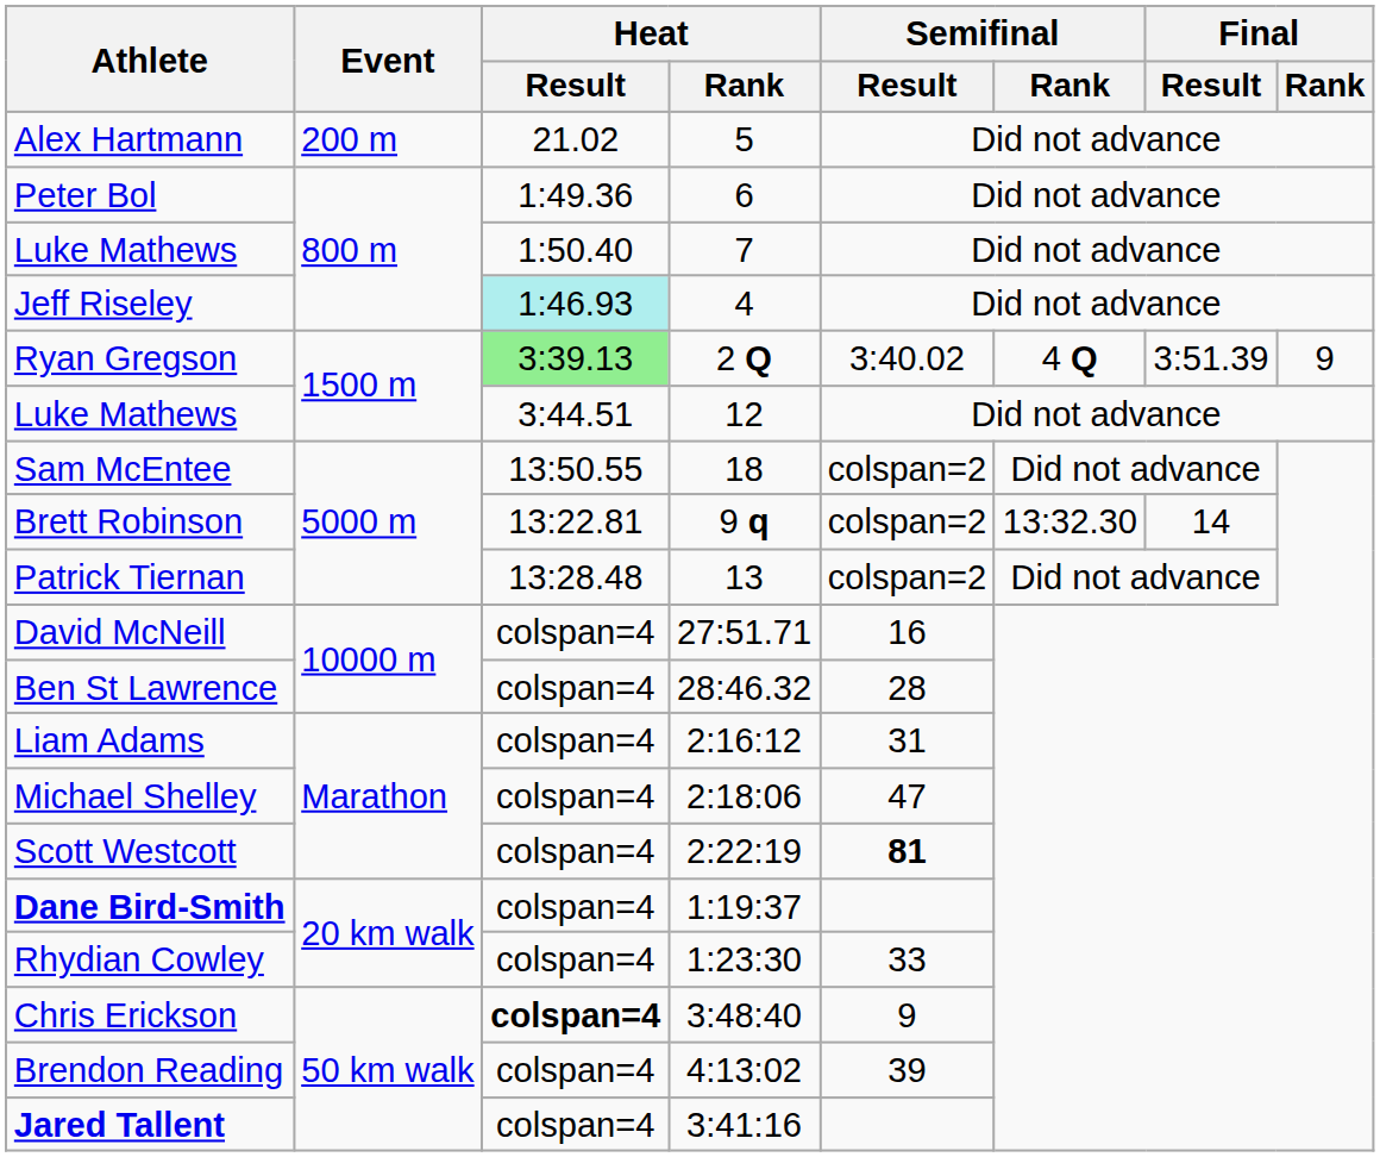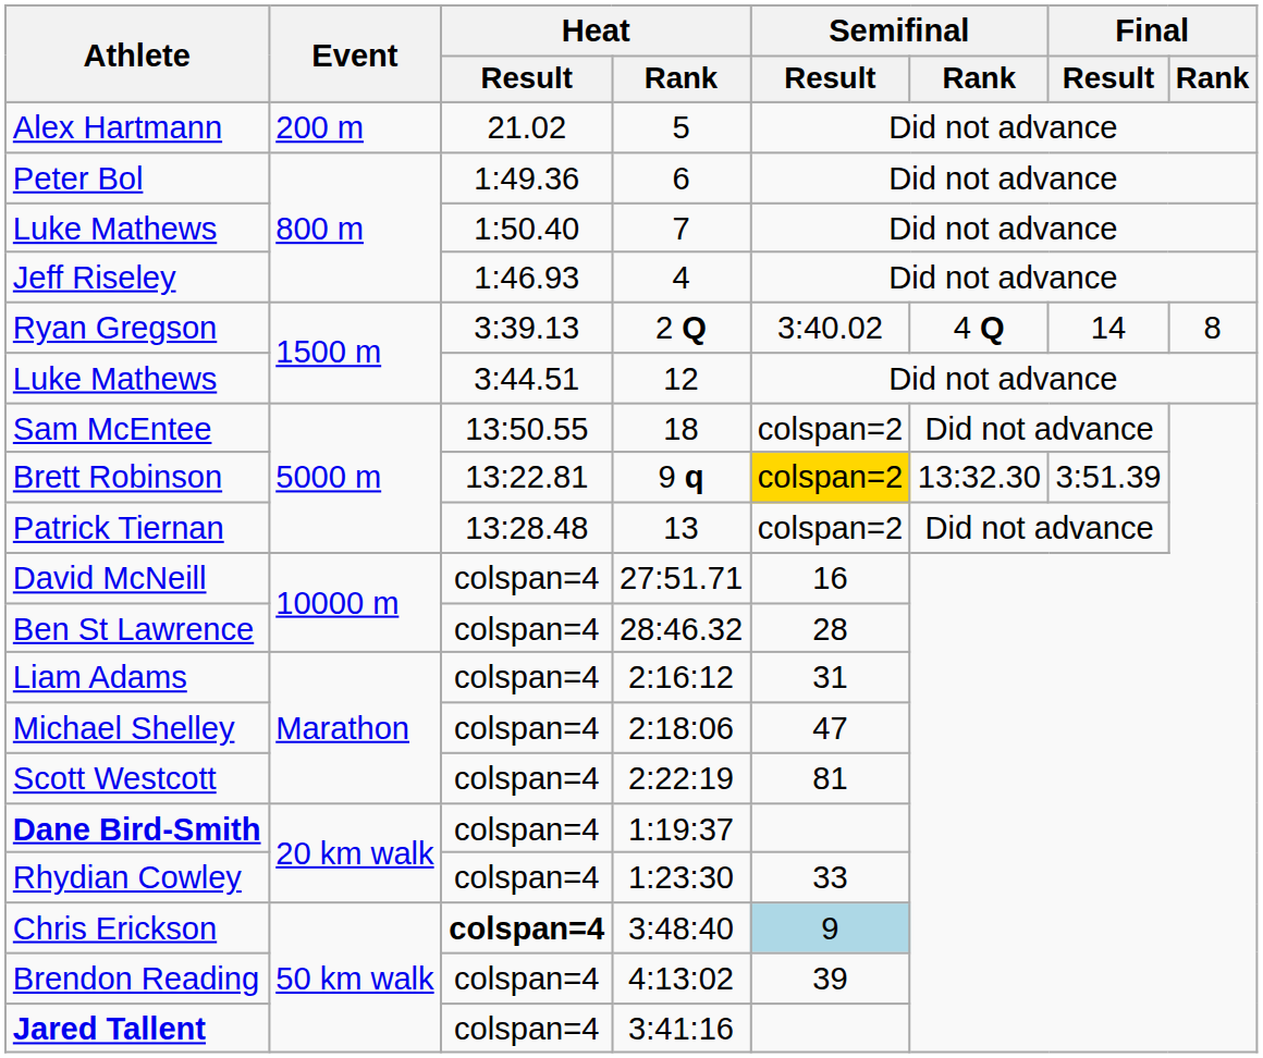 <table class="wikitable" style="font-size:90%">
 <tr>
 <th rowspan="2">Athlete</th>
 <th rowspan="2">Event</th>
 <th colspan="2">Heat</th>
 <th colspan="2">Semifinal</th>
 <th colspan="2">Final</th>
 </tr>
 <tr style="font-size:95%">
 <th>Result</th>
 <th>Rank</th>
 <th>Result</th>
 <th>Rank</th>
 <th>Result</th>
 <th>Rank</th>
 </tr>
 <tr align=center>
 <td align=left><a href='#'>Alex Hartmann</a></td>
 <td align=left><a href='#'>200 m</a></td>
 <td>21.02</td>
 <td>5</td>
 <td colspan=4>Did not advance</td>
 </tr>
 <tr align=center>
 <td align=left><a href='#'>Peter Bol</a></td>
 <td align=left rowspan=3><a href='#'>800 m</a></td>
 <td>1:49.36</td>
 <td>6</td>
 <td colspan=4>Did not advance</td>
 </tr>
 <tr align=center>
 <td align=left><a href='#'>Luke Mathews</a></td>
 <td>1:50.40</td>
 <td>7</td>
 <td colspan=4>Did not advance</td>
 </tr>
 <tr align=center>
 <td align=left><a href='#'>Jeff Riseley</a></td>
-<td style="background: paleturquoise;">1:46.93</td>
+<td>1:46.93</td>
 <td>4</td>
 <td colspan=4>Did not advance</td>
 </tr>
 <tr align=center>
 <td align=left><a href='#'>Ryan Gregson</a></td>
 <td align=left rowspan=2><a href='#'>1500 m</a></td>
-<td style="background: lightgreen;">3:39.13</td>
+<td>3:39.13</td>
 <td>2 <strong>Q</strong></td>
 <td>3:40.02</td>
 <td>4 <strong>Q</strong></td>
-<td>3:51.39</td>
-<td>9</td>
+<td>14</td>
+<td>8</td>
 </tr>
 <tr align=center>
 <td align=left><a href='#'>Luke Mathews</a></td>
 <td>3:44.51</td>
 <td>12</td>
 <td colspan=4>Did not advance</td>
 </tr>
 <tr align=center>
 <td align=left><a href='#'>Sam McEntee</a></td>
 <td align=left rowspan=3><a href='#'>5000 m</a></td>
 <td>13:50.55</td>
 <td>18</td>
 <td>colspan=2 </td>
 <td colspan=2>Did not advance</td>
 </tr>
 <tr align=center>
 <td align=left><a href='#'>Brett Robinson</a></td>
 <td>13:22.81</td>
 <td>9 <strong>q</strong></td>
-<td>colspan=2 </td>
+<td style="background: gold;">colspan=2 </td>
 <td>13:32.30</td>
-<td>14</td>
+<td>3:51.39</td>
 </tr>
 <tr align=center>
 <td align=left><a href='#'>Patrick Tiernan</a></td>
 <td>13:28.48</td>
 <td>13</td>
 <td>colspan=2 </td>
 <td colspan=2>Did not advance</td>
 </tr>
 <tr align=center>
 <td align=left><a href='#'>David McNeill</a></td>
 <td align=left rowspan=2><a href='#'>10000 m</a></td>
 <td>colspan=4 </td>
 <td>27:51.71</td>
 <td>16</td>
 </tr>
 <tr align=center>
 <td align=left><a href='#'>Ben St Lawrence</a></td>
 <td>colspan=4 </td>
 <td>28:46.32</td>
 <td>28</td>
 </tr>
 <tr align=center>
 <td align=left><a href='#'>Liam Adams</a></td>
 <td align=left rowspan=3><a href='#'>Marathon</a></td>
 <td>colspan=4 </td>
 <td>2:16:12</td>
 <td>31</td>
 </tr>
 <tr align=center>
 <td align=left><a href='#'>Michael Shelley</a></td>
 <td>colspan=4 </td>
 <td>2:18:06</td>
 <td>47</td>
 </tr>
 <tr align=center>
 <td align=left><a href='#'>Scott Westcott</a></td>
 <td>colspan=4 </td>
 <td>2:22:19</td>
-<td><strong>81</strong></td>
+<td>81</td>
 </tr>
 <tr align=center>
 <td align=left><strong><a href='#'>Dane Bird-Smith</a></strong></td>
 <td align=left rowspan=2><a href='#'>20 km walk</a></td>
 <td>colspan=4 </td>
 <td>1:19:37</td>
 <td></td>
 </tr>
 <tr align=center>
 <td align=left><a href='#'>Rhydian Cowley</a></td>
 <td>colspan=4 </td>
 <td>1:23:30</td>
 <td>33</td>
 </tr>
 <tr align=center>
 <td align=left><a href='#'>Chris Erickson</a></td>
 <td align=left rowspan=3><a href='#'>50 km walk</a></td>
 <td><strong>colspan=4 </strong></td>
 <td>3:48:40</td>
-<td>9</td>
+<td style="background: lightblue;">9</td>
 </tr>
 <tr align=center>
 <td align=left><a href='#'>Brendon Reading</a></td>
 <td>colspan=4 </td>
 <td>4:13:02</td>
 <td>39</td>
 </tr>
 <tr align=center>
 <td align=left><strong><a href='#'>Jared Tallent</a></strong></td>
 <td>colspan=4 </td>
 <td>3:41:16</td>
 <td></td>
 </tr>
 </table>
